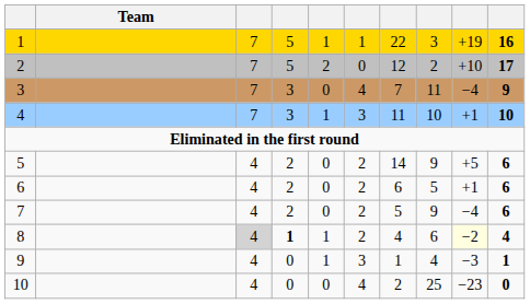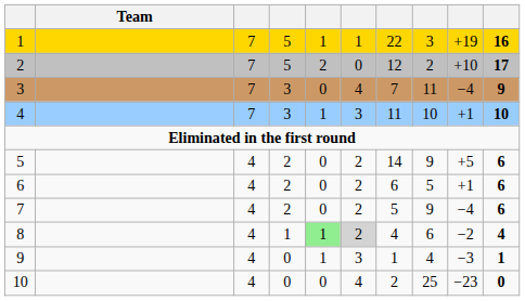 <table class="wikitable" style="text-align: center;">
 <tr>
 <th width=25></th>
 <th width=200>Team</th>
 <th width=30></th>
 <th width=30></th>
 <th width=30></th>
 <th width=30></th>
 <th width=30></th>
 <th width=30></th>
 <th width=30></th>
 <th width=30></th>
 </tr>
 <tr style="background:gold;">
 <td>1</td>
 <td style="text-align:left;"></td>
 <td>7</td>
 <td>5</td>
 <td>1</td>
 <td>1</td>
 <td>22</td>
 <td>3</td>
 <td>+19</td>
 <td><strong>16</strong></td>
 </tr>
 <tr style="background:silver;">
 <td>2</td>
 <td style="text-align:left;"></td>
 <td>7</td>
 <td>5</td>
 <td>2</td>
 <td>0</td>
 <td>12</td>
 <td>2</td>
 <td>+10</td>
 <td><strong>17</strong></td>
 </tr>
 <tr style="background:#cc9966;">
 <td>3</td>
 <td style="text-align:left;"></td>
 <td>7</td>
 <td>3</td>
 <td>0</td>
 <td>4</td>
 <td>7</td>
 <td>11</td>
 <td>−4</td>
 <td><strong>9</strong></td>
 </tr>
 <tr style="background:#9acdff;">
 <td>4</td>
 <td style="text-align:left;"></td>
 <td>7</td>
 <td>3</td>
 <td>1</td>
 <td>3</td>
 <td>11</td>
 <td>10</td>
 <td>+1</td>
 <td><strong>10</strong></td>
 </tr>
 <tr>
 <td colspan=10><strong>Eliminated in the first round</strong></td>
 </tr>
 <tr align=center>
 <td>5</td>
 <td style="text-align:left;"></td>
 <td>4</td>
 <td>2</td>
 <td>0</td>
 <td>2</td>
 <td>14</td>
 <td>9</td>
 <td>+5</td>
 <td><strong>6</strong></td>
 </tr>
 <tr align=center>
 <td>6</td>
 <td style="text-align:left;"></td>
 <td>4</td>
 <td>2</td>
 <td>0</td>
 <td>2</td>
 <td>6</td>
 <td>5</td>
 <td>+1</td>
 <td><strong>6</strong></td>
 </tr>
 <tr align=center>
 <td>7</td>
 <td style="text-align:left;"></td>
 <td>4</td>
 <td>2</td>
 <td>0</td>
 <td>2</td>
 <td>5</td>
 <td>9</td>
 <td>−4</td>
 <td><strong>6</strong></td>
 </tr>
 <tr align=center>
 <td>8</td>
 <td style="text-align:left;"></td>
-<td style="background: lightgrey;">4</td>
-<td><strong>1</strong></td>
+<td>4</td>
 <td>1</td>
-<td>2</td>
+<td style="background: lightgreen;">1</td>
+<td style="background: lightgrey;">2</td>
 <td>4</td>
 <td>6</td>
-<td style="background: lightyellow;">−2</td>
+<td>−2</td>
 <td><strong>4</strong></td>
 </tr>
 <tr align=center>
 <td>9</td>
 <td style="text-align:left;"></td>
 <td>4</td>
 <td>0</td>
 <td>1</td>
 <td>3</td>
 <td>1</td>
 <td>4</td>
 <td>−3</td>
 <td><strong>1</strong></td>
 </tr>
 <tr align=center>
 <td>10</td>
 <td style="text-align:left;"></td>
 <td>4</td>
 <td>0</td>
 <td>0</td>
 <td>4</td>
 <td>2</td>
 <td>25</td>
 <td>−23</td>
 <td><strong>0</strong></td>
 </tr>
 </table>
